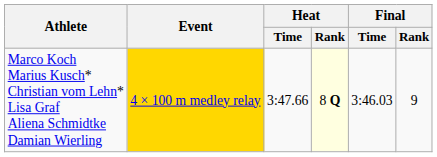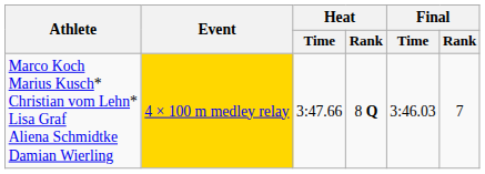 <table class=wikitable style="font-size:90%">
 <tr>
 <th rowspan="2">Athlete</th>
 <th rowspan="2">Event</th>
 <th colspan="2">Heat</th>
 <th colspan="2">Final</th>
 </tr>
 <tr style="font-size:95%">
 <th>Time</th>
 <th>Rank</th>
 <th>Time</th>
 <th>Rank</th>
 </tr>
 <tr align=center>
 <td align=left><a href='#'>Marco Koch</a><br><a href='#'>Marius Kusch</a>*<br><a href='#'>Christian vom Lehn</a>*<br><a href='#'>Lisa Graf</a><br><a href='#'>Aliena Schmidtke</a><br><a href='#'>Damian Wierling</a></td>
 <td align=left style="background: gold;"><a href='#'>4 × 100 m medley relay</a></td>
 <td>3:47.66</td>
-<td style="background: lightyellow;">8 <strong>Q</strong></td>
+<td>8 <strong>Q</strong></td>
 <td>3:46.03</td>
-<td>9</td>
+<td>7</td>
 </tr>
 </table>
